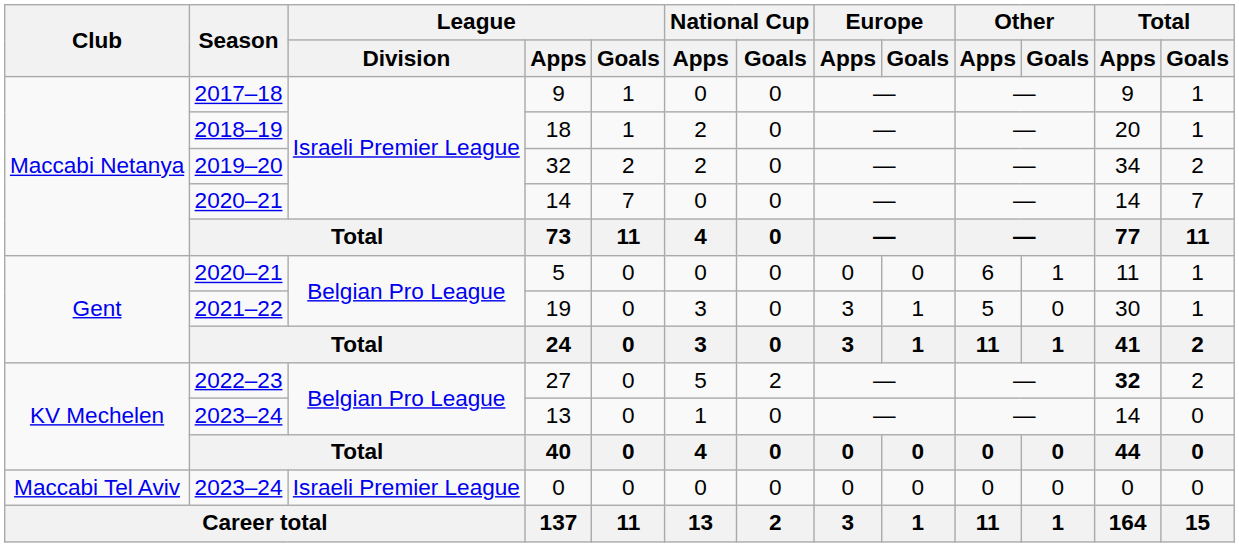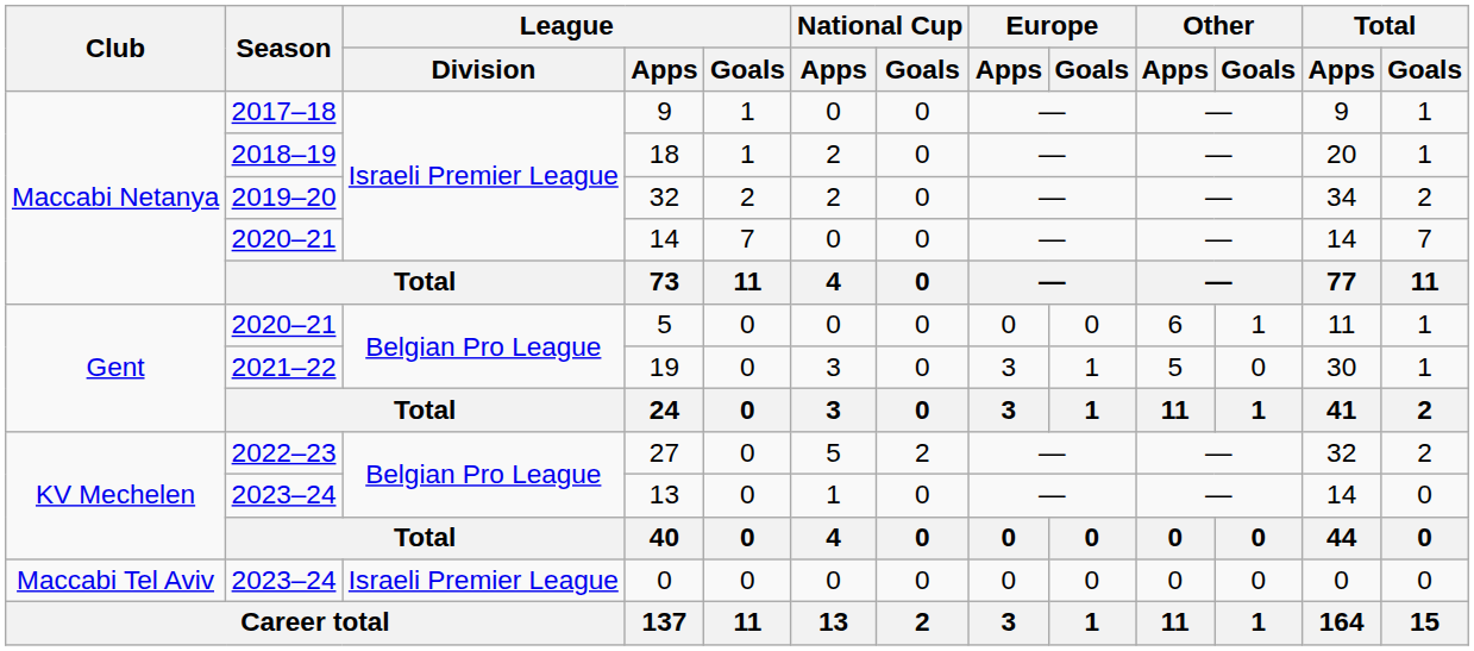 <table class="wikitable" style="text-align:center">
 <tr>
 <th rowspan="2">Club</th>
 <th rowspan="2">Season</th>
 <th colspan="3">League</th>
 <th colspan="2">National Cup</th>
 <th colspan="2">Europe</th>
 <th colspan="2">Other</th>
 <th colspan="2">Total</th>
 </tr>
 <tr>
 <th>Division</th>
 <th>Apps</th>
 <th>Goals</th>
 <th>Apps</th>
 <th>Goals</th>
 <th>Apps</th>
 <th>Goals</th>
 <th>Apps</th>
 <th>Goals</th>
 <th>Apps</th>
 <th>Goals</th>
 </tr>
 <tr>
 <td rowspan="5"><a href='#'>Maccabi Netanya</a></td>
 <td><a href='#'>2017–18</a></td>
 <td rowspan="4"><a href='#'>Israeli Premier League</a></td>
 <td>9</td>
 <td>1</td>
 <td>0</td>
 <td>0</td>
 <td colspan="2">—</td>
 <td colspan="2">—</td>
 <td>9</td>
 <td>1</td>
 </tr>
 <tr>
 <td><a href='#'>2018–19</a></td>
 <td>18</td>
 <td>1</td>
 <td>2</td>
 <td>0</td>
 <td colspan="2">—</td>
 <td colspan="2">—</td>
 <td>20</td>
 <td>1</td>
 </tr>
 <tr>
 <td><a href='#'>2019–20</a></td>
 <td>32</td>
 <td>2</td>
 <td>2</td>
 <td>0</td>
 <td colspan="2">—</td>
 <td colspan="2">—</td>
 <td>34</td>
 <td>2</td>
 </tr>
 <tr>
 <td><a href='#'>2020–21</a></td>
 <td>14</td>
 <td>7</td>
 <td>0</td>
 <td>0</td>
 <td colspan="2">—</td>
 <td colspan="2">—</td>
 <td>14</td>
 <td>7</td>
 </tr>
 <tr>
 <th colspan="2">Total</th>
 <th>73</th>
 <th>11</th>
 <th>4</th>
 <th>0</th>
 <th colspan="2">—</th>
 <th colspan="2">—</th>
 <th>77</th>
 <th>11</th>
 </tr>
 <tr>
 <td rowspan="3"><a href='#'>Gent</a></td>
 <td><a href='#'>2020–21</a></td>
 <td rowspan="2"><a href='#'>Belgian Pro League</a></td>
 <td>5</td>
 <td>0</td>
 <td>0</td>
 <td>0</td>
 <td>0</td>
 <td>0</td>
 <td>6</td>
 <td>1</td>
 <td>11</td>
 <td>1</td>
 </tr>
 <tr>
 <td><a href='#'>2021–22</a></td>
 <td>19</td>
 <td>0</td>
 <td>3</td>
 <td>0</td>
 <td>3</td>
 <td>1</td>
 <td>5</td>
 <td>0</td>
 <td>30</td>
 <td>1</td>
 </tr>
 <tr>
 <th colspan="2">Total</th>
 <th>24</th>
 <th>0</th>
 <th>3</th>
 <th>0</th>
 <th>3</th>
 <th>1</th>
 <th>11</th>
 <th>1</th>
 <th>41</th>
 <th>2</th>
 </tr>
 <tr>
 <td rowspan="3"><a href='#'>KV Mechelen</a></td>
 <td><a href='#'>2022–23</a></td>
 <td rowspan="2"><a href='#'>Belgian Pro League</a></td>
 <td>27</td>
 <td>0</td>
 <td>5</td>
 <td>2</td>
 <td colspan="2">—</td>
 <td colspan="2">—</td>
-<td><strong>32</strong></td>
+<td>32</td>
 <td>2</td>
 </tr>
 <tr>
 <td><a href='#'>2023–24</a></td>
 <td>13</td>
 <td>0</td>
 <td>1</td>
 <td>0</td>
 <td colspan="2">—</td>
 <td colspan="2">—</td>
 <td>14</td>
 <td>0</td>
 </tr>
 <tr>
 <th colspan="2">Total</th>
 <th>40</th>
 <th>0</th>
 <th>4</th>
 <th>0</th>
 <th>0</th>
 <th>0</th>
 <th>0</th>
 <th>0</th>
 <th>44</th>
 <th>0</th>
 </tr>
 <tr>
 <td><a href='#'>Maccabi Tel Aviv</a></td>
 <td><a href='#'>2023–24</a></td>
 <td><a href='#'>Israeli Premier League</a></td>
 <td>0</td>
 <td>0</td>
 <td>0</td>
 <td>0</td>
 <td>0</td>
 <td>0</td>
 <td>0</td>
 <td>0</td>
 <td>0</td>
 <td>0</td>
 </tr>
 <tr>
 <th colspan="3">Career total</th>
 <th>137</th>
 <th>11</th>
 <th>13</th>
 <th>2</th>
 <th>3</th>
 <th>1</th>
 <th>11</th>
 <th>1</th>
 <th>164</th>
 <th>15</th>
 </tr>
 </table>
